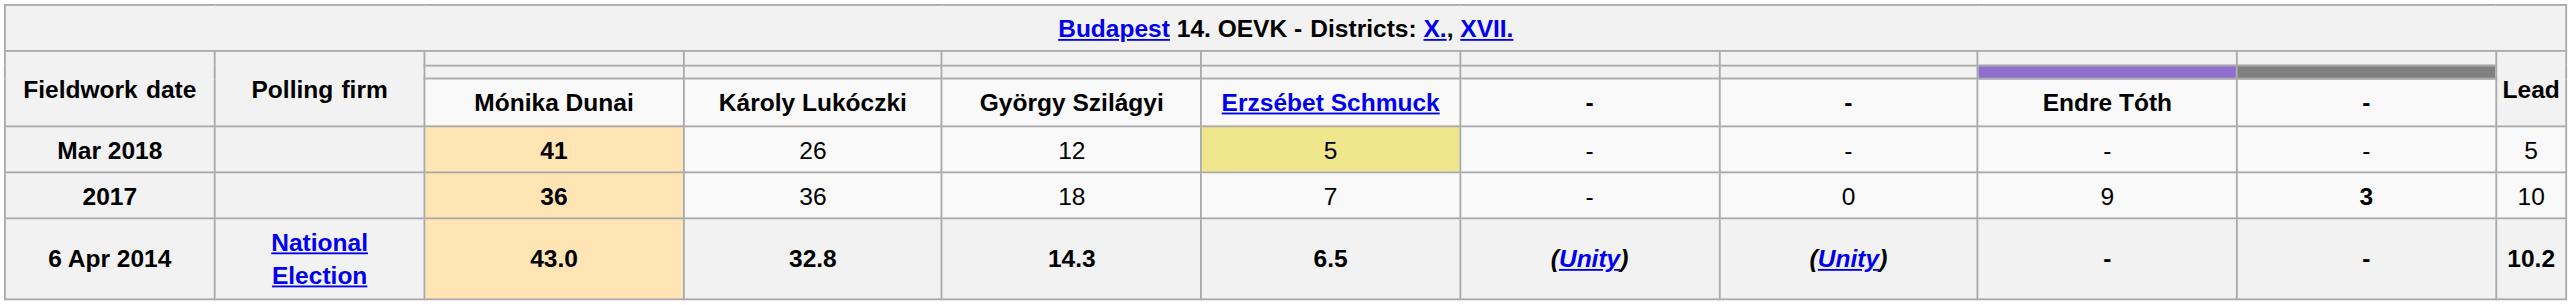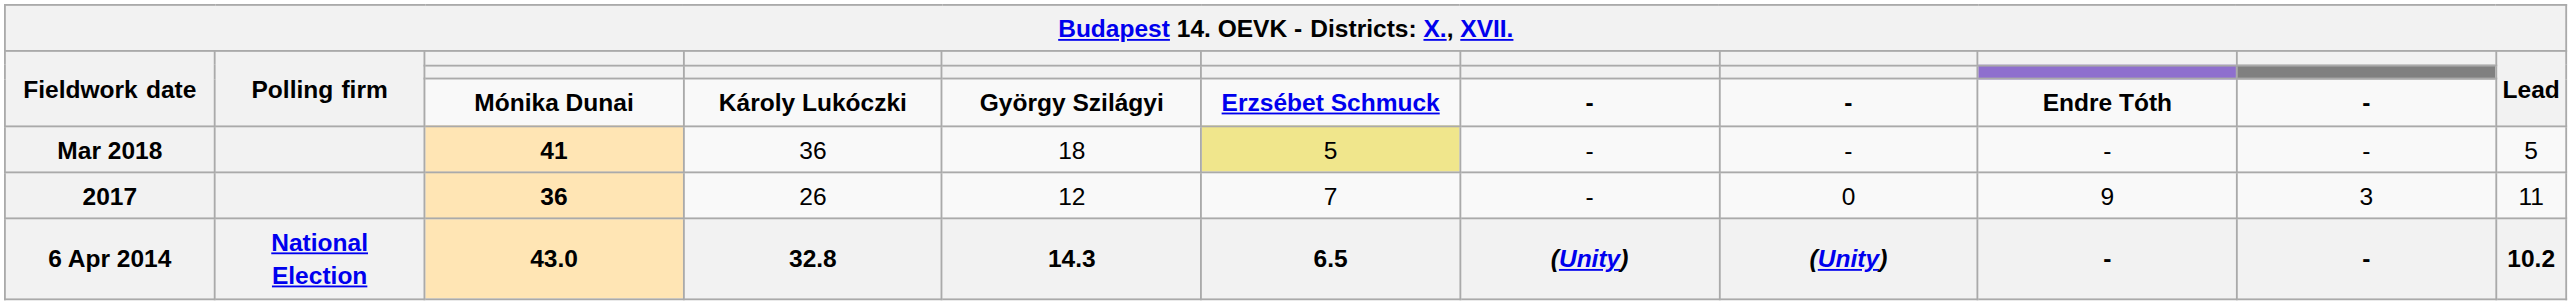 <table class="wikitable mw-collapsible mw-collapsed" style="text-align:center">
 <tr>
 <th colspan="11" style="width: 980pt;"><small><a href='#'>Budapest</a> 14. OEVK -</small> <small>Districts: <a href='#'>X.</a>, <a href='#'>XVII.</a></small></th>
 </tr>
 <tr>
 <th rowspan="3" style="width: 80pt;"><small>Fieldwork</small> <small>date</small></th>
 <th rowspan="3" style="width: 80pt;"><strong><small>Polling</small> <small>firm</small></strong></th>
 <th style="width: 100pt;"><small></small></th>
 <th style="width: 100pt;"><small> </small></th>
 <th style="width: 100pt;"></th>
 <th style="width: 100pt;"></th>
 <th style="width: 100pt;"></th>
 <th style="width: 100pt;"></th>
 <th style="width: 100pt;"></th>
 <th style="width: 100pt;"></th>
 <th rowspan="3" style="width: 20pt;"><small>Lead</small></th>
 </tr>
 <tr>
 <th style="color:inherit;background:"></th>
 <th style="color:inherit;background:"></th>
 <th style="color:inherit;background:"></th>
 <th style="color:inherit;background:"></th>
 <th style="color:inherit;background:"></th>
 <th style="color:inherit;background:"></th>
 <th style="color:inherit;background:#8E6FCE;"></th>
 <th style="color:inherit;background:#808080;"></th>
 </tr>
 <tr>
 <td><small><strong>Mónika Dunai</strong></small></td>
 <td><small><strong>Károly Lukóczki</strong></small></td>
 <td><small><strong>György Szilágyi</strong></small></td>
 <td><a href='#'><small><strong>Erzsébet Schmuck</strong></small></a></td>
 <td><small><strong>-</strong></small></td>
 <td><small><strong>-</strong></small></td>
 <td><small><strong>Endre Tóth</strong></small></td>
 <td><small><strong>-</strong></small></td>
 </tr>
 <tr>
 <th><small>Mar 2018</small></th>
 <th><small></small></th>
 <td style="background:#FFE5B4"><small><strong>41</strong></small></td>
-<td><small>26</small></td>
-<td><small>12</small></td>
+<td><small>36</small></td>
+<td><small>18</small></td>
 <td style="background: khaki;"><small>5</small></td>
 <td><small>-</small></td>
 <td><small>-</small></td>
 <td><small>-</small></td>
 <td><small>-</small></td>
 <td style="background:"><small>5</small></td>
 </tr>
 <tr>
 <th><small>2017</small></th>
 <th><small></small></th>
 <td style="background:#FFE5B4"><small><strong>36</strong></small></td>
-<td><small>36</small></td>
-<td><small>18</small></td>
+<td><small>26</small></td>
+<td><small>12</small></td>
 <td><small>7</small></td>
 <td><small>-</small></td>
 <td><small>0</small></td>
 <td><small>9</small></td>
-<td><strong><small>3</small></strong></td>
-<td style="background:"><small>10</small></td>
+<td><small>3</small></td>
+<td style="background:"><small>11</small></td>
 </tr>
 <tr>
 <th><small>6 Apr 2014</small></th>
 <th><a href='#'><small>National Election</small></a></th>
 <th style="background:#FFE5B4"><small><strong>43.0</strong></small></th>
 <th><small>32.8</small></th>
 <th><small>14.3</small></th>
 <th><small>6.5</small></th>
 <th><small><em>(<a href='#'>Unity</a>)</em></small></th>
 <th><small><em>(<a href='#'>Unity</a>)</em></small></th>
 <th><small>-</small></th>
 <th><small>-</small></th>
 <th style="background:"><small>10.2</small></th>
 </tr>
 </table>
